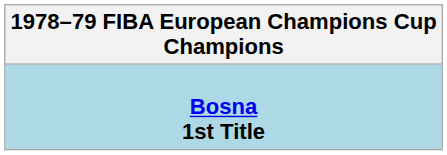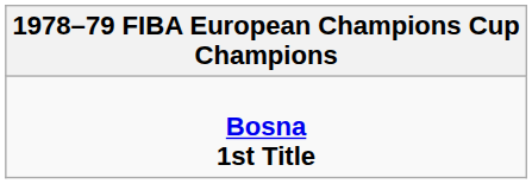 <table class=wikitable style="text-align:center; margin:auto">
 <tr>
 <th>1978–79 FIBA European Champions Cup<br>Champions</th>
 </tr>
 <tr>
-<td style="background: lightblue;"> <br> <strong><a href='#'>Bosna</a></strong> <br> <strong>1st Title</strong></td>
+<td> <br> <strong><a href='#'>Bosna</a></strong> <br> <strong>1st Title</strong></td>
 </tr>
 </table>
